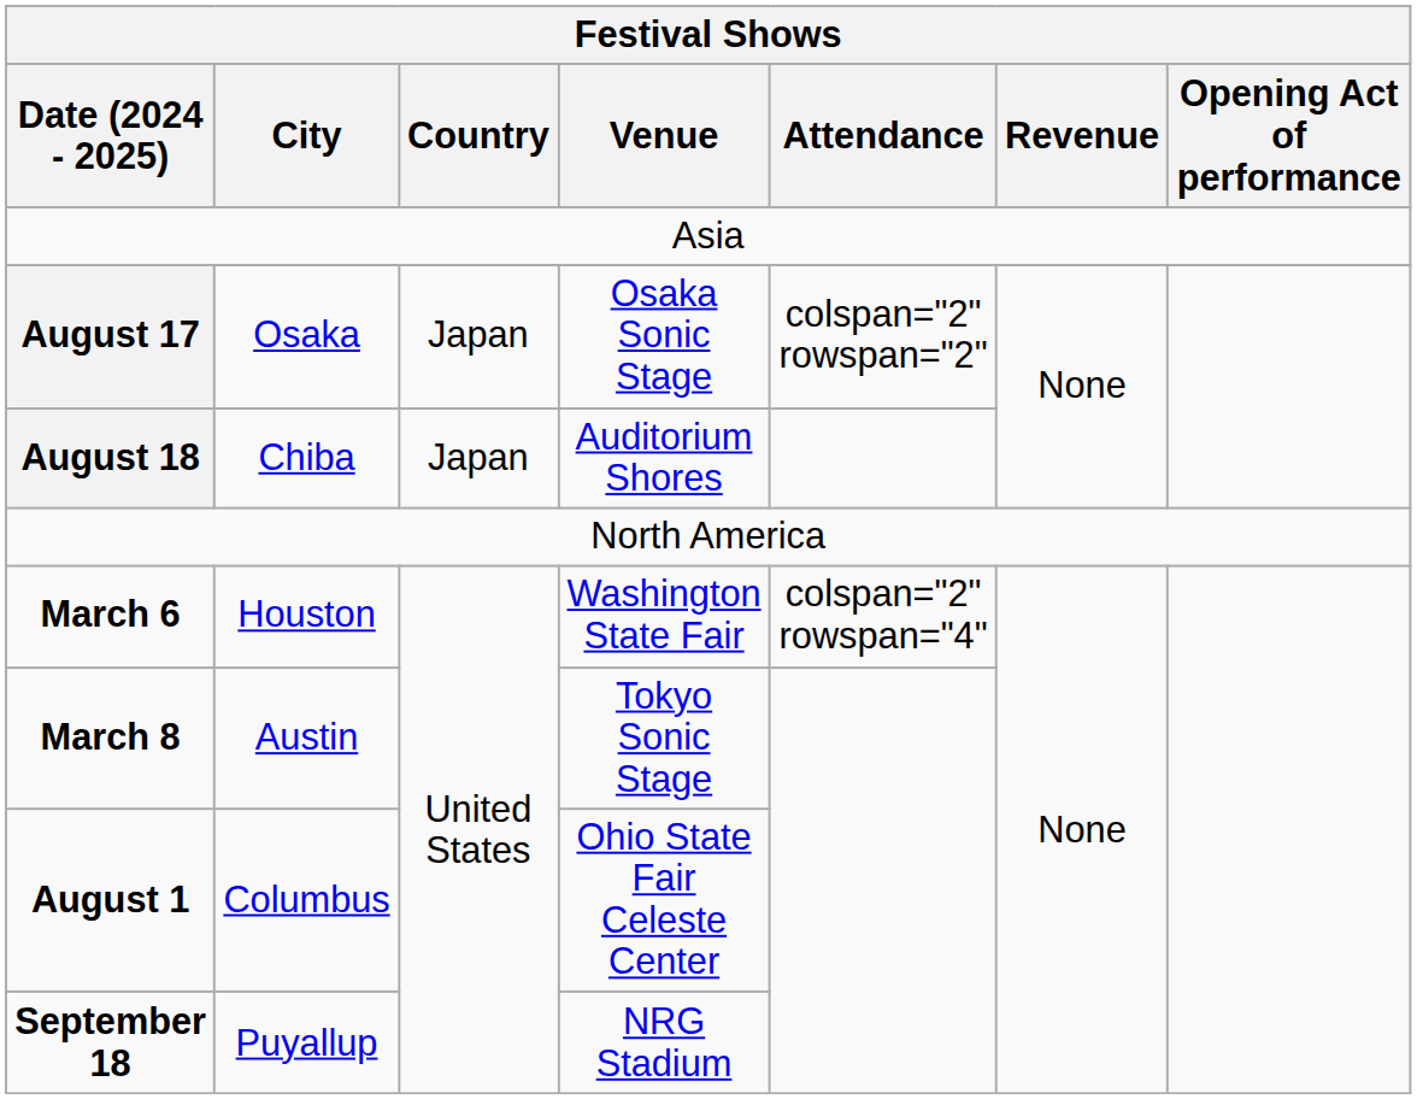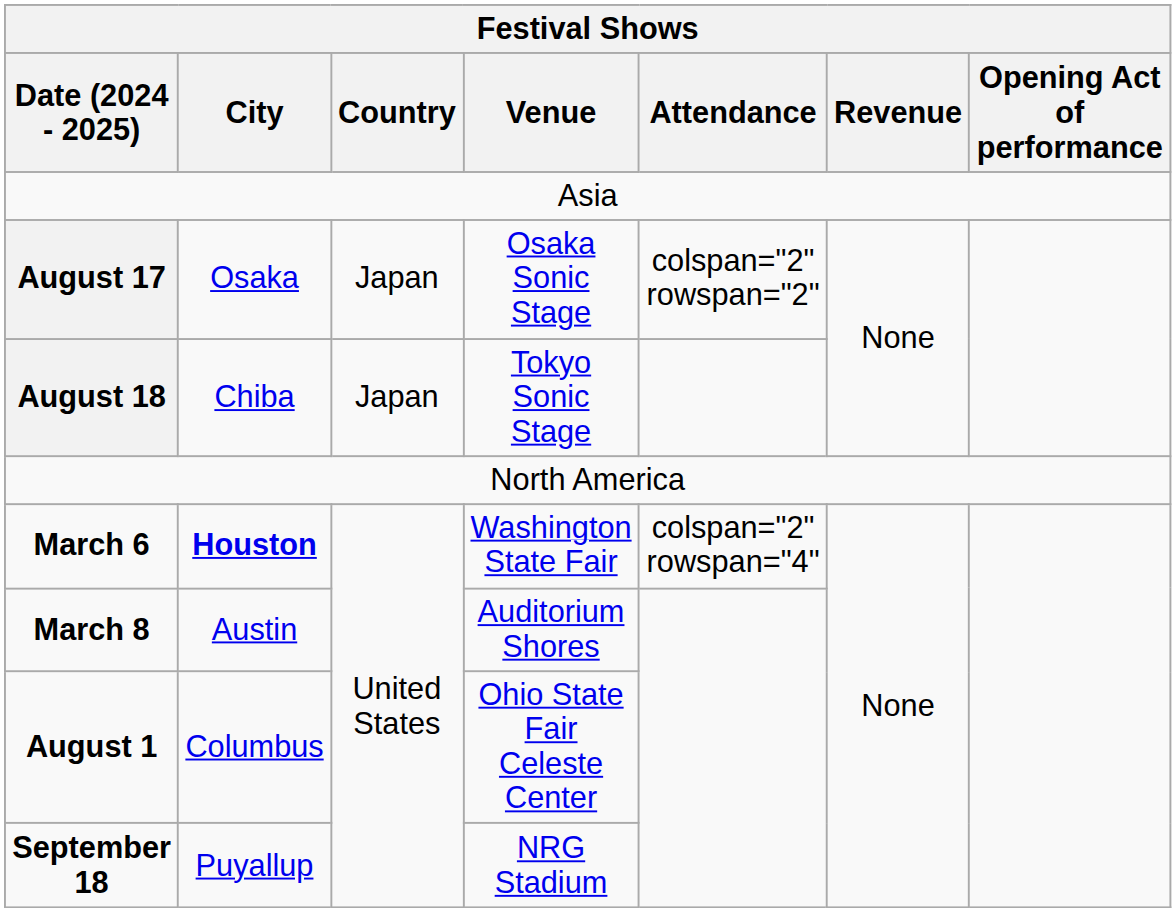 <table class="wikitable collapsible" style="text-align:center;">
 <tr>
 <th colspan="10" scope="col" width="725">Festival Shows</th>
 </tr>
 <tr>
 <th scope="col">Date (2024 - 2025)</th>
 <th scope="col">City</th>
 <th scope="col">Country</th>
 <th scope="col">Venue</th>
 <th scope="col">Attendance</th>
 <th scope="col">Revenue</th>
 <th>Opening Act of performance</th>
 </tr>
 <tr>
 <td colspan="7">Asia</td>
 </tr>
 <tr>
 <th scope="row">August 17</th>
 <td><a href='#'>Osaka</a></td>
 <td>Japan</td>
 <td><a href='#'>Osaka Sonic Stage</a></td>
 <td>colspan="2" rowspan="2"</td>
 <td rowspan="2">None</td>
 </tr>
 <tr>
 <th scope="row">August 18</th>
 <td><a href='#'>Chiba</a></td>
 <td>Japan</td>
-<td><a href='#'>Auditorium Shores</a></td>
+<td><a href='#'>Tokyo Sonic Stage</a></td>
 </tr>
 <tr>
 <td colspan="7">North America</td>
 </tr>
 <tr>
 <td ! scope="row"><strong>March 6</strong></td>
-<td><a href='#'>Houston</a></td>
+<td><strong><a href='#'>Houston</a></strong></td>
 <td rowspan="50">United States</td>
 <td><a href='#'>Washington State Fair</a></td>
 <td>colspan="2" rowspan="4" </td>
 <td rowspan="4">None</td>
 </tr>
 <tr>
 <td ! scope="row"><strong>March 8</strong></td>
 <td><a href='#'>Austin</a></td>
-<td><a href='#'>Tokyo Sonic Stage</a></td>
+<td><a href='#'>Auditorium Shores</a></td>
 </tr>
 <tr>
 <td ! scope="row"><strong>August 1</strong></td>
 <td><a href='#'>Columbus</a></td>
 <td><a href='#'>Ohio State Fair Celeste Center</a></td>
 </tr>
 <tr>
 <td ! scope="row"><strong>September 18</strong></td>
 <td><a href='#'>Puyallup</a></td>
 <td><a href='#'>NRG Stadium</a></td>
 </tr>
 </table>
